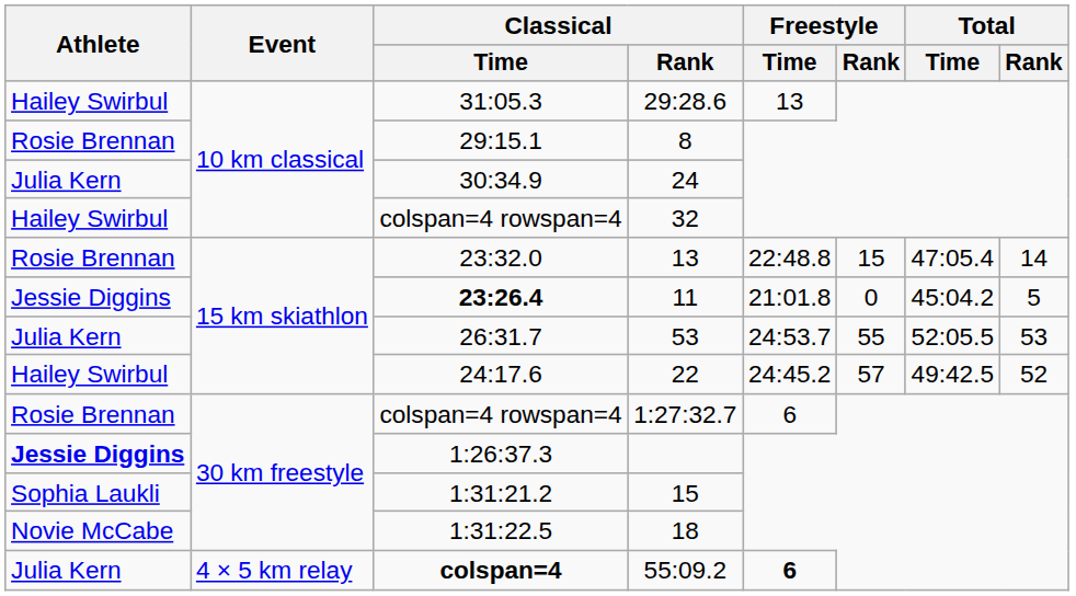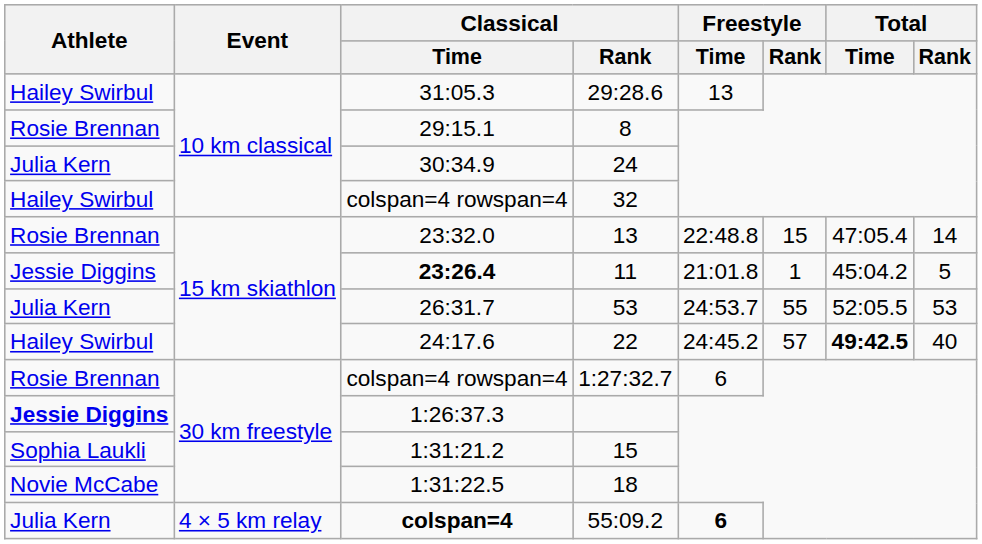 <table class=wikitable style=font-size:90%;text-align:center>
 <tr>
 <th rowspan=2>Athlete</th>
 <th rowspan=2>Event</th>
 <th colspan=2>Classical</th>
 <th colspan=2>Freestyle</th>
 <th colspan=2>Total</th>
 </tr>
 <tr style=font-size:95%>
 <th>Time</th>
 <th>Rank</th>
 <th>Time</th>
 <th>Rank</th>
 <th>Time</th>
 <th>Rank</th>
 </tr>
 <tr>
 <td align=left><a href='#'>Hailey Swirbul</a></td>
 <td align=left rowspan=4><a href='#'>10 km classical</a></td>
 <td>31:05.3</td>
 <td>29:28.6</td>
 <td>13</td>
 </tr>
 <tr>
 <td align=left><a href='#'>Rosie Brennan</a></td>
 <td>29:15.1</td>
 <td>8</td>
 </tr>
 <tr>
 <td align=left><a href='#'>Julia Kern</a></td>
 <td>30:34.9</td>
 <td>24</td>
 </tr>
 <tr>
 <td align=left><a href='#'>Hailey Swirbul</a></td>
 <td>colspan=4 rowspan=4 </td>
 <td>32</td>
 </tr>
 <tr>
 <td align=left><a href='#'>Rosie Brennan</a></td>
 <td align=left rowspan=4><a href='#'>15 km skiathlon</a></td>
 <td>23:32.0</td>
 <td>13</td>
 <td>22:48.8</td>
 <td>15</td>
 <td>47:05.4</td>
 <td>14</td>
 </tr>
 <tr>
 <td align=left><a href='#'>Jessie Diggins</a></td>
 <td><strong>23:26.4</strong></td>
 <td>11</td>
 <td>21:01.8</td>
-<td>0</td>
+<td>1</td>
 <td>45:04.2</td>
 <td>5</td>
 </tr>
 <tr>
 <td align=left><a href='#'>Julia Kern</a></td>
 <td>26:31.7</td>
 <td>53</td>
 <td>24:53.7</td>
 <td>55</td>
 <td>52:05.5</td>
 <td>53</td>
 </tr>
 <tr>
 <td align=left><a href='#'>Hailey Swirbul</a></td>
 <td>24:17.6</td>
 <td>22</td>
 <td>24:45.2</td>
 <td>57</td>
-<td>49:42.5</td>
-<td>52</td>
+<td><strong>49:42.5</strong></td>
+<td>40</td>
 </tr>
 <tr>
 <td align=left><a href='#'>Rosie Brennan</a></td>
 <td align=left rowspan=4><a href='#'>30 km freestyle</a></td>
 <td>colspan=4 rowspan=4 </td>
 <td>1:27:32.7</td>
 <td>6</td>
 </tr>
 <tr>
 <td align=left><strong><a href='#'>Jessie Diggins</a></strong></td>
 <td>1:26:37.3</td>
 <td></td>
 </tr>
 <tr>
 <td align=left><a href='#'>Sophia Laukli</a></td>
 <td>1:31:21.2</td>
 <td>15</td>
 </tr>
 <tr>
 <td align=left><a href='#'>Novie McCabe</a></td>
 <td>1:31:22.5</td>
 <td>18</td>
 </tr>
 <tr>
 <td align=left><a href='#'>Julia Kern</a></td>
 <td align=left><a href='#'>4 × 5 km relay</a></td>
 <td><strong>colspan=4 </strong></td>
 <td>55:09.2</td>
 <td><strong>6</strong></td>
 </tr>
 </table>
